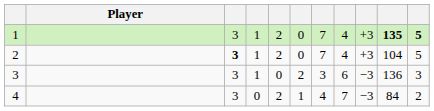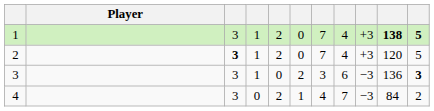 <table class="wikitable" style="text-align:center; margin: 1em auto 1em auto, align:left">
 <tr>
 <th width=20></th>
 <th width=240>Player</th>
 <th width=20></th>
 <th width=20></th>
 <th width=20></th>
 <th width=20></th>
 <th width=20></th>
 <th width=20></th>
 <th width=20></th>
 <th width=30></th>
 <th width=20></th>
 </tr>
 <tr style="background:#D0F0C0;">
 <td>1</td>
 <td align=left></td>
 <td>3</td>
 <td>1</td>
 <td>2</td>
 <td>0</td>
 <td>7</td>
 <td>4</td>
 <td>+3</td>
-<td><strong>135</strong></td>
+<td><strong>138</strong></td>
 <td><strong>5</strong></td>
 </tr>
 <tr style=>
 <td>2</td>
 <td align=left></td>
 <td><strong>3</strong></td>
 <td>1</td>
 <td>2</td>
 <td>0</td>
 <td>7</td>
 <td>4</td>
 <td>+3</td>
-<td>104</td>
+<td>120</td>
 <td>5</td>
 </tr>
 <tr style=>
 <td>3</td>
 <td align=left></td>
 <td>3</td>
 <td>1</td>
 <td>0</td>
 <td>2</td>
 <td>3</td>
 <td>6</td>
 <td>−3</td>
 <td>136</td>
-<td>3</td>
+<td><strong>3</strong></td>
 </tr>
 <tr style=>
 <td>4</td>
 <td align=left></td>
 <td>3</td>
 <td>0</td>
 <td>2</td>
 <td>1</td>
 <td>4</td>
 <td>7</td>
 <td>−3</td>
 <td>84</td>
 <td>2</td>
 </tr>
 </table>
